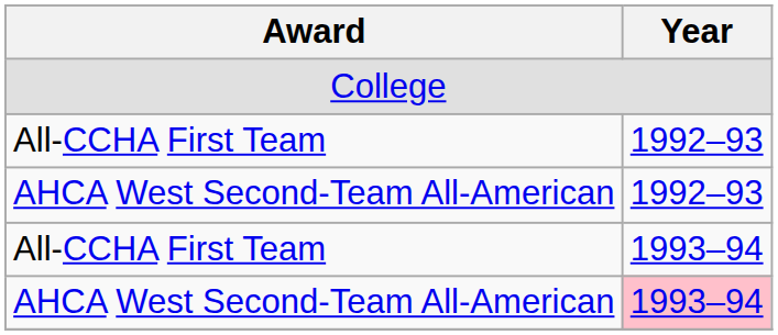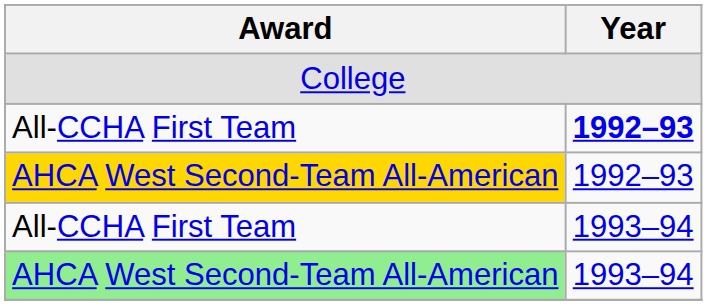 <table class="wikitable">
 <tr>
 <th>Award</th>
 <th>Year</th>
 </tr>
 <tr ALIGN="center" bgcolor="#e0e0e0">
 <td colspan="3"><a href='#'>College</a></td>
 </tr>
 <tr>
 <td>All-<a href='#'>CCHA</a> <a href='#'>First Team</a></td>
-<td><a href='#'>1992–93</a></td>
+<td><strong><a href='#'>1992–93</a></strong></td>
 </tr>
 <tr>
-<td><a href='#'>AHCA</a> <a href='#'>West Second-Team All-American</a></td>
+<td style="background: gold;"><a href='#'>AHCA</a> <a href='#'>West Second-Team All-American</a></td>
 <td><a href='#'>1992–93</a></td>
 </tr>
 <tr>
 <td>All-<a href='#'>CCHA</a> <a href='#'>First Team</a></td>
 <td><a href='#'>1993–94</a></td>
 </tr>
 <tr>
-<td><a href='#'>AHCA</a> <a href='#'>West Second-Team All-American</a></td>
-<td style="background: pink;"><a href='#'>1993–94</a></td>
+<td style="background: lightgreen;"><a href='#'>AHCA</a> <a href='#'>West Second-Team All-American</a></td>
+<td><a href='#'>1993–94</a></td>
 </tr>
 <tr>
 </tr>
 </table>
